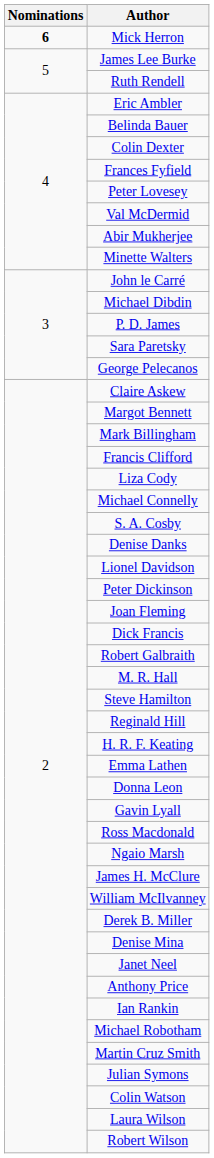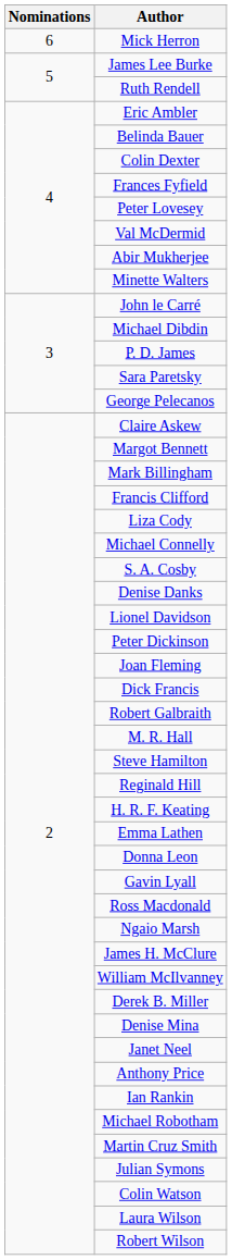 <table class="wikitable" style="text-align:center;">
 <tr>
 <th scope="col" width="55">Nominations</th>
 <th scope="col">Author</th>
 </tr>
 <tr>
-<td style="text-align:center"><strong>6</strong></td>
+<td style="text-align:center">6</td>
 <td><a href='#'>Mick Herron</a></td>
 </tr>
 <tr>
 <td rowspan=2 style="text-align:center">5</td>
 <td><a href='#'>James Lee Burke</a></td>
 </tr>
 <tr>
 <td><a href='#'>Ruth Rendell</a></td>
 </tr>
 <tr>
 <td rowspan=8 style="text-align:center">4</td>
 <td><a href='#'>Eric Ambler</a></td>
 </tr>
 <tr>
 <td><a href='#'>Belinda Bauer</a></td>
 </tr>
 <tr>
 <td><a href='#'>Colin Dexter</a></td>
 </tr>
 <tr>
 <td><a href='#'>Frances Fyfield</a></td>
 </tr>
 <tr>
 <td><a href='#'>Peter Lovesey</a></td>
 </tr>
 <tr>
 <td><a href='#'>Val McDermid</a></td>
 </tr>
 <tr>
 <td><a href='#'>Abir Mukherjee</a></td>
 </tr>
 <tr>
 <td><a href='#'>Minette Walters</a></td>
 </tr>
 <tr>
 <td rowspan=5 style="text-align:center">3</td>
 <td><a href='#'>John le Carré</a></td>
 </tr>
 <tr>
 <td><a href='#'>Michael Dibdin</a></td>
 </tr>
 <tr>
 <td><a href='#'>P. D. James</a></td>
 </tr>
 <tr>
 <td><a href='#'>Sara Paretsky</a></td>
 </tr>
 <tr>
 <td><a href='#'>George Pelecanos</a></td>
 </tr>
 <tr>
 <td rowspan=35 style="text-align:center">2</td>
 <td><a href='#'>Claire Askew</a></td>
 </tr>
 <tr>
 <td><a href='#'>Margot Bennett</a></td>
 </tr>
 <tr>
 <td><a href='#'>Mark Billingham</a></td>
 </tr>
 <tr>
 <td><a href='#'>Francis Clifford</a></td>
 </tr>
 <tr>
 <td><a href='#'>Liza Cody</a></td>
 </tr>
 <tr>
 <td><a href='#'>Michael Connelly</a></td>
 </tr>
 <tr>
 <td><a href='#'>S. A. Cosby</a></td>
 </tr>
 <tr>
 <td><a href='#'>Denise Danks</a></td>
 </tr>
 <tr>
 <td><a href='#'>Lionel Davidson</a></td>
 </tr>
 <tr>
 <td><a href='#'>Peter Dickinson</a></td>
 </tr>
 <tr>
 <td><a href='#'>Joan Fleming</a></td>
 </tr>
 <tr>
 <td><a href='#'>Dick Francis</a></td>
 </tr>
 <tr>
 <td><a href='#'>Robert Galbraith</a></td>
 </tr>
 <tr>
 <td><a href='#'>M. R. Hall</a></td>
 </tr>
 <tr>
 <td><a href='#'>Steve Hamilton</a></td>
 </tr>
 <tr>
 <td><a href='#'>Reginald Hill</a></td>
 </tr>
 <tr>
 <td><a href='#'>H. R. F. Keating</a></td>
 </tr>
 <tr>
 <td><a href='#'>Emma Lathen</a></td>
 </tr>
 <tr>
 <td><a href='#'>Donna Leon</a></td>
 </tr>
 <tr>
 <td><a href='#'>Gavin Lyall</a></td>
 </tr>
 <tr>
 <td><a href='#'>Ross Macdonald</a></td>
 </tr>
 <tr>
 <td><a href='#'>Ngaio Marsh</a></td>
 </tr>
 <tr>
 <td><a href='#'>James H. McClure</a></td>
 </tr>
 <tr>
 <td><a href='#'>William McIlvanney</a></td>
 </tr>
 <tr>
 <td><a href='#'>Derek B. Miller</a></td>
 </tr>
 <tr>
 <td><a href='#'>Denise Mina</a></td>
 </tr>
 <tr>
 <td><a href='#'>Janet Neel</a></td>
 </tr>
 <tr>
 <td><a href='#'>Anthony Price</a></td>
 </tr>
 <tr>
 <td><a href='#'>Ian Rankin</a></td>
 </tr>
 <tr>
 <td><a href='#'>Michael Robotham</a></td>
 </tr>
 <tr>
 <td><a href='#'>Martin Cruz Smith</a></td>
 </tr>
 <tr>
 <td><a href='#'>Julian Symons</a></td>
 </tr>
 <tr>
 <td><a href='#'>Colin Watson</a></td>
 </tr>
 <tr>
 <td><a href='#'>Laura Wilson</a></td>
 </tr>
 <tr>
 <td><a href='#'>Robert Wilson</a></td>
 </tr>
 </table>
